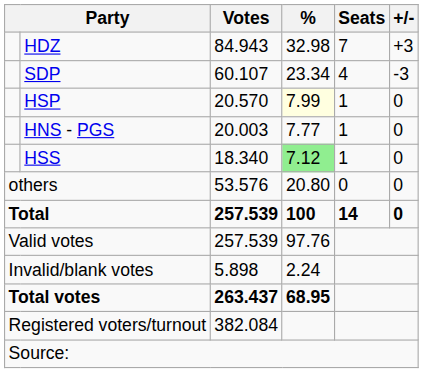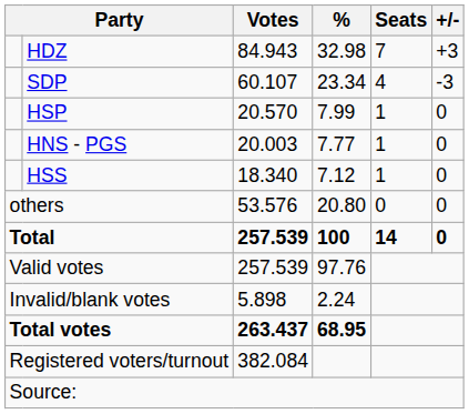 <table class="wikitable" style="text-align: left;">
 <tr>
 <th colspan="2">Party</th>
 <th>Votes</th>
 <th>%</th>
 <th>Seats</th>
 <th>+/-</th>
 </tr>
 <tr>
 <td style="background-color: "></td>
 <td><a href='#'>HDZ</a></td>
 <td>84.943</td>
 <td>32.98</td>
 <td>7</td>
 <td>+3</td>
 </tr>
 <tr>
 <td style="background-color: "></td>
 <td><a href='#'>SDP</a></td>
 <td>60.107</td>
 <td>23.34</td>
 <td>4</td>
 <td>-3</td>
 </tr>
 <tr>
 <td style="background-color: "></td>
 <td><a href='#'>HSP</a></td>
 <td>20.570</td>
-<td style="background: lightyellow;">7.99</td>
+<td>7.99</td>
 <td>1</td>
 <td>0</td>
 </tr>
 <tr>
 <td style="background-color: "></td>
 <td><a href='#'>HNS</a> - <a href='#'>PGS</a></td>
 <td>20.003</td>
 <td>7.77</td>
 <td>1</td>
 <td>0</td>
 </tr>
 <tr>
 <td style="background-color: "></td>
 <td><a href='#'>HSS</a></td>
 <td>18.340</td>
-<td style="background: lightgreen;">7.12</td>
+<td>7.12</td>
 <td>1</td>
 <td>0</td>
 </tr>
 <tr>
 <td colspan="2">others</td>
 <td>53.576</td>
 <td>20.80</td>
 <td>0</td>
 <td>0</td>
 </tr>
 <tr>
 <td colspan="2"><strong>Total</strong></td>
 <td><strong>257.539</strong></td>
 <td><strong>100</strong></td>
 <td><strong>14</strong></td>
 <td><strong>0</strong></td>
 </tr>
 <tr>
 <td colspan="2">Valid votes</td>
 <td>257.539</td>
 <td>97.76</td>
 <td colspan="2"></td>
 </tr>
 <tr>
 <td colspan="2">Invalid/blank votes</td>
 <td>5.898</td>
 <td>2.24</td>
 <td colspan="2"></td>
 </tr>
 <tr>
 <td colspan="2"><strong>Total votes</strong></td>
 <td><strong>263.437</strong></td>
 <td><strong>68.95</strong></td>
 <td colspan="2"></td>
 </tr>
 <tr>
 <td colspan="2">Registered voters/turnout</td>
 <td votes14="5343">382.084</td>
 <td></td>
 <td colspan="2"></td>
 </tr>
 <tr>
 <td colspan="6">Source: </td>
 </tr>
 </table>
